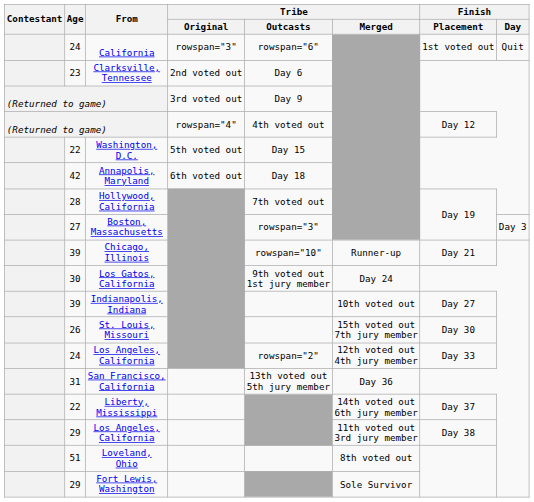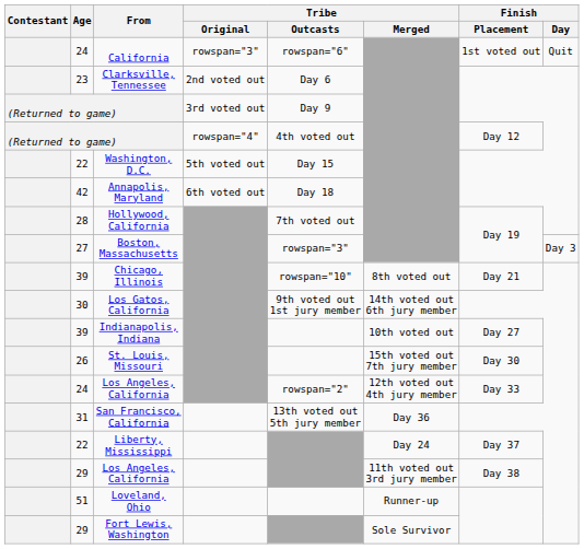 <table class="wikitable sortable" style="margin:auto; text-align:center;">
 <tr>
 <th rowspan="2" scope="col">Contestant</th>
 <th rowspan="2" scope="col">Age</th>
 <th rowspan="2" scope="col" class=unsortable>From</th>
 <th colspan="3" scope="colgroup">Tribe</th>
 <th colspan="2" scope="colgroup">Finish</th>
 </tr>
 <tr>
 <th scope="col">Original</th>
 <th scope="col">Outcasts</th>
 <th scope="col" class=unsortable>Merged</th>
 <th scope="col" class=unsortable>Placement</th>
 <th scope="col" class=unsortable>Day</th>
 </tr>
 <tr>
 <th scope="row" style="text-align:left;"></th>
 <td>24</td>
 <td><a href='#'><br>California</a></td>
 <td>rowspan="3" </td>
 <td>rowspan="6" </td>
 <td rowspan="8" style="background-color:darkgrey;"></td>
 <td>1st voted out</td>
 <td>Quit</td>
 </tr>
 <tr>
 <th scope="row" style="text-align:left;"></th>
 <td>23</td>
 <td><a href='#'>Clarksville,<br>Tennessee</a></td>
 <td>2nd voted out</td>
 <td>Day 6</td>
 </tr>
 <tr>
 <th colspan="3" scope="row" style="text-align:left; font-weight:normal;"><em><br>(Returned to game)</em></th>
 <td>3rd voted out</td>
 <td>Day 9</td>
 </tr>
 <tr>
 <th colspan="3" scope="row" style="text-align:left; font-weight:normal;"><em><br>(Returned to game)</em></th>
 <td>rowspan="4" </td>
 <td>4th voted out</td>
 <td>Day 12</td>
 </tr>
 <tr>
 <th scope="row" style="text-align:left;"></th>
 <td>22</td>
 <td><a href='#'>Washington,<br>D.C.</a></td>
 <td>5th voted out</td>
 <td>Day 15</td>
 </tr>
 <tr>
 <th scope="row" style="text-align:left;"></th>
 <td>42</td>
 <td><a href='#'>Annapolis,<br>Maryland</a></td>
 <td>6th voted out</td>
 <td>Day 18</td>
 </tr>
 <tr>
 <th scope="row" style="text-align:left;"></th>
 <td>28</td>
 <td><a href='#'>Hollywood,<br>California</a></td>
 <td rowspan="7" style="background-color:darkgrey;"></td>
 <td>7th voted out</td>
 <td rowspan="2">Day 19</td>
 </tr>
 <tr>
 <th scope="row" style="text-align:left;"></th>
 <td>27</td>
 <td><a href='#'>Boston,<br>Massachusetts</a></td>
 <td>rowspan="3" </td>
 <td>Day 3</td>
 </tr>
 <tr>
 <th scope="row" style="text-align:left;"></th>
 <td>39</td>
 <td><a href='#'>Chicago,<br>Illinois</a></td>
 <td>rowspan="10" </td>
-<td>Runner-up</td>
+<td>8th voted out</td>
 <td>Day 21</td>
 </tr>
 <tr>
 <th scope="row" style="text-align:left;"></th>
 <td>30</td>
 <td><a href='#'>Los Gatos,<br>California</a></td>
 <td>9th voted out<br>1st jury member</td>
-<td>Day 24</td>
+<td>14th voted out<br>6th jury member</td>
 </tr>
 <tr>
 <th scope="row" style="text-align:left;"></th>
 <td>39</td>
 <td><a href='#'>Indianapolis,<br>Indiana</a></td>
 <td></td>
 <td>10th voted out<br></td>
 <td>Day 27</td>
 </tr>
 <tr>
 <th scope="row" style="text-align:left;"></th>
 <td>26</td>
 <td><a href='#'>St. Louis,<br>Missouri</a></td>
 <td></td>
 <td>15th voted out<br>7th jury member</td>
 <td>Day 30</td>
 </tr>
 <tr>
 <th scope="row" style="text-align:left;"></th>
 <td>24</td>
 <td><a href='#'>Los Angeles,<br>California</a></td>
 <td>rowspan="2" </td>
 <td>12th voted out<br>4th jury member</td>
 <td>Day 33</td>
 </tr>
 <tr>
 <th scope="row" style="text-align:left;"></th>
 <td>31</td>
 <td><a href='#'>San Francisco,<br>California</a></td>
 <td></td>
 <td>13th voted out<br>5th jury member</td>
 <td>Day 36</td>
 </tr>
 <tr>
 <th scope="row" style="text-align:left;"></th>
 <td>22</td>
 <td><a href='#'>Liberty,<br>Mississippi</a></td>
 <td></td>
 <td rowspan="2" style="background-color:darkgrey;"></td>
-<td>14th voted out<br>6th jury member</td>
+<td>Day 24</td>
 <td>Day 37</td>
 </tr>
 <tr>
 <th scope="row" style="text-align:left;"></th>
 <td>29</td>
 <td><a href='#'>Los Angeles,<br>California</a></td>
 <td></td>
 <td>11th voted out<br>3rd jury member</td>
 <td>Day 38</td>
 </tr>
 <tr>
 <th scope="row" style="text-align:left;"></th>
 <td>51</td>
 <td><a href='#'>Loveland,<br>Ohio</a></td>
 <td></td>
 <td></td>
-<td>8th voted out</td>
+<td>Runner-up</td>
 <td rowspan="2"></td>
 </tr>
 <tr>
 <th scope="row" style="text-align:left;"></th>
 <td>29</td>
 <td><a href='#'>Fort Lewis,<br>Washington</a></td>
 <td></td>
 <td style="background-color:darkgrey;"></td>
 <td>Sole Survivor</td>
 </tr>
 </table>
